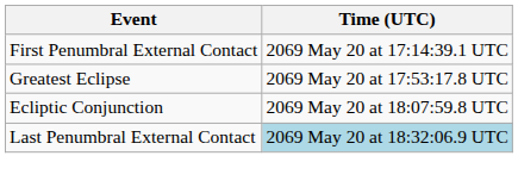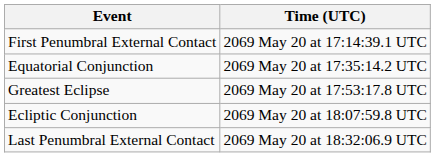 <table class="wikitable">
 <tr>
 <th>Event</th>
 <th>Time (UTC)</th>
 </tr>
 <tr>
 <td>First Penumbral External Contact</td>
 <td>2069 May 20 at 17:14:39.1 UTC</td>
+</tr>
+<tr>
+<td>Equatorial Conjunction</td>
+<td>2069 May 20 at 17:35:14.2 UTC</td>
 </tr>
 <tr>
 <td>Greatest Eclipse</td>
 <td>2069 May 20 at 17:53:17.8 UTC</td>
 </tr>
 <tr>
 <td>Ecliptic Conjunction</td>
 <td>2069 May 20 at 18:07:59.8 UTC</td>
 </tr>
 <tr>
 <td>Last Penumbral External Contact</td>
-<td style="background: lightblue;">2069 May 20 at 18:32:06.9 UTC</td>
+<td>2069 May 20 at 18:32:06.9 UTC</td>
 </tr>
 </table>
